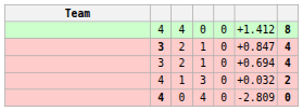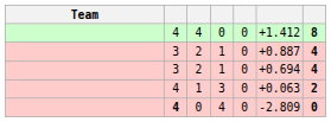 <table class="wikitable" style="text-align:center">
 <tr>
 <th style="width:175px;">Team</th>
 <th style="width:20px;"></th>
 <th style="width:20px;"></th>
 <th style="width:20px;"></th>
 <th style="width:20px;"></th>
 <th style="width:45px;"></th>
 <th style="width:20px;"></th>
 </tr>
 <tr style="background:#ccffcc">
 <td style="text-align:left"></td>
 <td>4</td>
 <td>4</td>
 <td>0</td>
 <td>0</td>
 <td>+1.412</td>
 <td><strong>8</strong></td>
 </tr>
 <tr style="background:#ffcccc">
 <td style="text-align:left"></td>
-<td><strong>3</strong></td>
+<td>3</td>
 <td>2</td>
 <td>1</td>
 <td>0</td>
-<td>+0.847</td>
+<td>+0.887</td>
 <td><strong>4</strong></td>
 </tr>
 <tr style="background:#ffcccc">
 <td style="text-align:left"></td>
 <td>3</td>
 <td>2</td>
 <td>1</td>
 <td>0</td>
 <td>+0.694</td>
 <td><strong>4</strong></td>
 </tr>
 <tr style="background:#ffcccc">
 <td style="text-align:left"></td>
 <td>4</td>
 <td>1</td>
 <td>3</td>
 <td>0</td>
-<td>+0.032</td>
+<td>+0.063</td>
 <td><strong>2</strong></td>
 </tr>
 <tr style="background:#ffcccc">
 <td style="text-align:left"></td>
 <td><strong>4</strong></td>
 <td>0</td>
 <td>4</td>
 <td>0</td>
 <td>-2.809</td>
 <td><strong>0</strong></td>
 </tr>
 </table>
